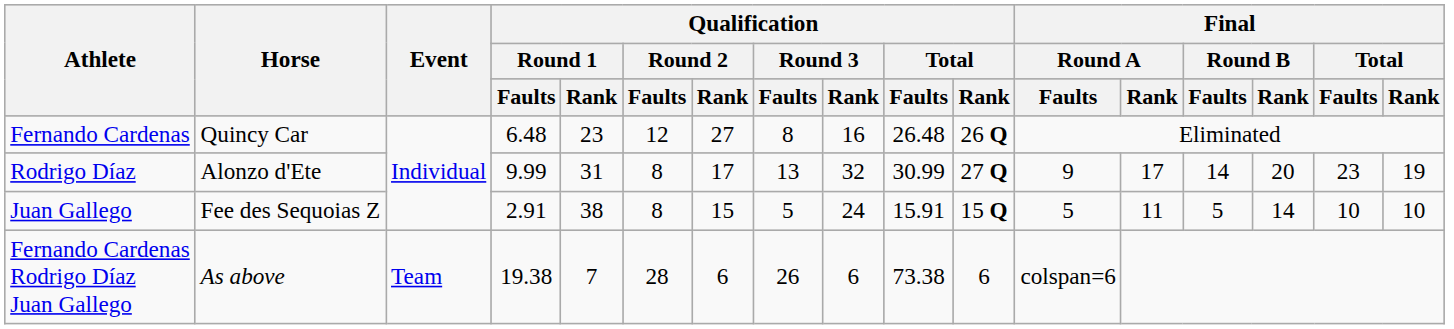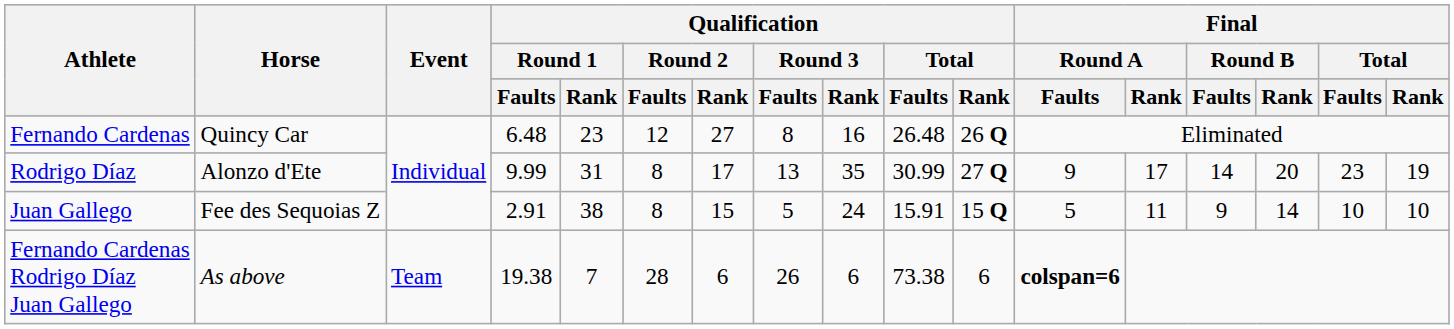 <table class=wikitable style=font-size:90%;text-align:center>
 <tr>
 <th rowspan=3>Athlete</th>
 <th rowspan=3>Horse</th>
 <th rowspan=3>Event</th>
 <th colspan=8>Qualification</th>
 <th colspan=6>Final</th>
 </tr>
 <tr style=font-size:95%>
 <th colspan=2>Round 1</th>
 <th colspan=2>Round 2</th>
 <th colspan=2>Round 3</th>
 <th colspan=2>Total</th>
 <th colspan=2>Round A</th>
 <th colspan=2>Round B</th>
 <th colspan=2>Total</th>
 </tr>
 <tr style=font-size:95%>
 <th>Faults</th>
 <th>Rank</th>
 <th>Faults</th>
 <th>Rank</th>
 <th>Faults</th>
 <th>Rank</th>
 <th>Faults</th>
 <th>Rank</th>
 <th>Faults</th>
 <th>Rank</th>
 <th>Faults</th>
 <th>Rank</th>
 <th>Faults</th>
 <th>Rank</th>
 </tr>
 <tr>
 <td align=left><a href='#'>Fernando Cardenas</a></td>
 <td align=left>Quincy Car</td>
 <td align=left rowspan=3><a href='#'>Individual</a></td>
 <td>6.48</td>
 <td>23</td>
 <td>12</td>
 <td>27</td>
 <td>8</td>
 <td>16</td>
 <td>26.48</td>
 <td>26 <strong>Q</strong></td>
 <td colspan=6>Eliminated</td>
 </tr>
 <tr>
 <td align=left><a href='#'>Rodrigo Díaz</a></td>
 <td align=left>Alonzo d'Ete</td>
 <td>9.99</td>
 <td>31</td>
 <td>8</td>
 <td>17</td>
 <td>13</td>
-<td>32</td>
+<td>35</td>
 <td>30.99</td>
 <td>27 <strong>Q</strong></td>
 <td>9</td>
 <td>17</td>
 <td>14</td>
 <td>20</td>
 <td>23</td>
 <td>19</td>
 </tr>
 <tr>
 <td align=left><a href='#'>Juan Gallego</a></td>
 <td align=left>Fee des Sequoias Z</td>
 <td>2.91</td>
 <td>38</td>
 <td>8</td>
 <td>15</td>
 <td>5</td>
 <td>24</td>
 <td>15.91</td>
 <td>15 <strong>Q</strong></td>
 <td>5</td>
 <td>11</td>
-<td>5</td>
+<td>9</td>
 <td>14</td>
 <td>10</td>
 <td>10</td>
 </tr>
 <tr>
 <td align=left><a href='#'>Fernando Cardenas</a><br><a href='#'>Rodrigo Díaz</a><br><a href='#'>Juan Gallego</a></td>
 <td align=left><em>As above</em></td>
 <td align=left><a href='#'>Team</a></td>
 <td>19.38</td>
 <td>7</td>
 <td>28</td>
 <td>6</td>
 <td>26</td>
 <td>6</td>
 <td>73.38</td>
 <td>6</td>
-<td>colspan=6 </td>
+<td><strong>colspan=6 </strong></td>
 </tr>
 </table>
